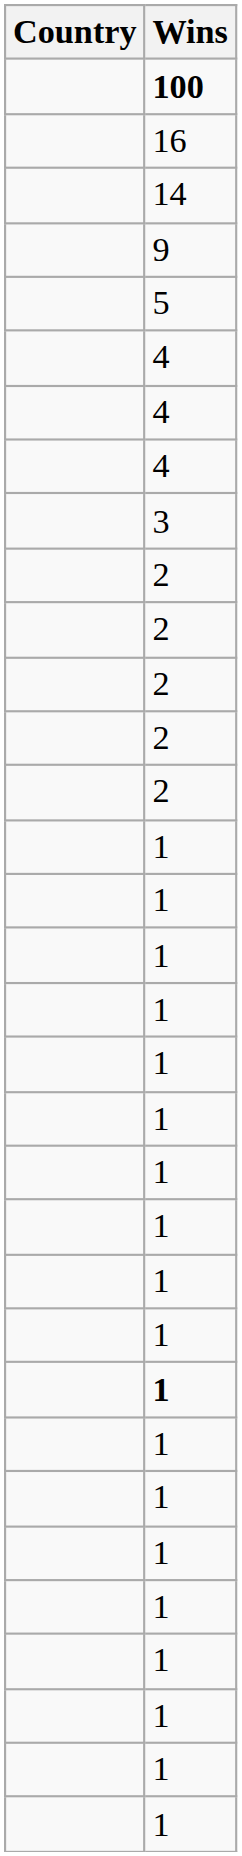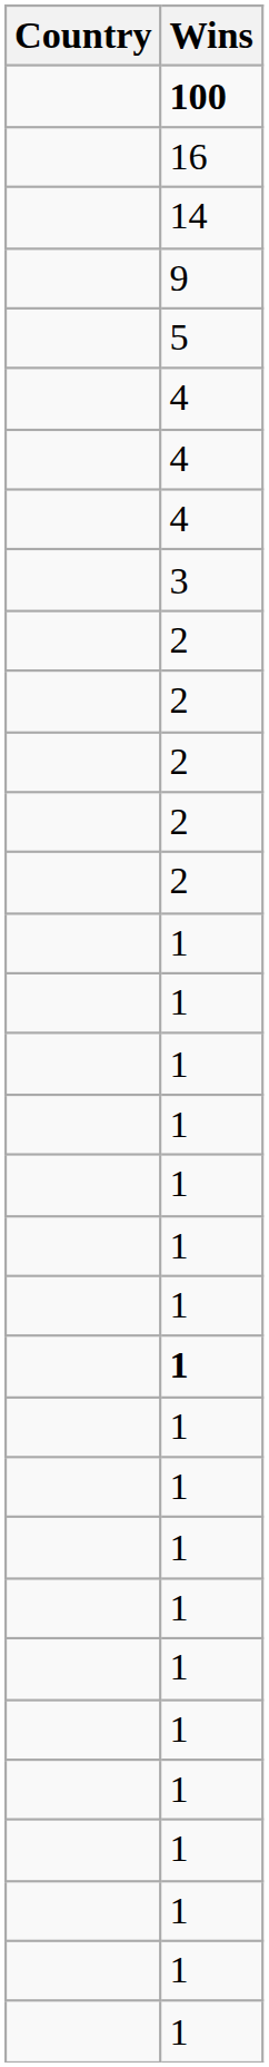 <table class="wikitable sortable" style="border-collapse:collapse">
 <tr>
 <th>Country</th>
 <th data-sort-type=number>Wins</th>
 </tr>
 <tr>
 <td></td>
 <td><strong>100</strong></td>
 </tr>
 <tr>
 <td></td>
 <td>16</td>
 </tr>
 <tr>
 <td></td>
 <td>14</td>
 </tr>
 <tr>
 <td></td>
 <td>9</td>
 </tr>
 <tr>
 <td></td>
 <td>5</td>
 </tr>
 <tr>
 <td></td>
 <td>4</td>
 </tr>
 <tr>
 <td></td>
 <td>4</td>
 </tr>
 <tr>
 <td></td>
 <td>4</td>
 </tr>
 <tr>
 <td></td>
 <td>3</td>
 </tr>
 <tr>
 <td></td>
 <td>2</td>
 </tr>
 <tr>
 <td></td>
 <td>2</td>
 </tr>
 <tr>
 <td></td>
 <td>2</td>
 </tr>
 <tr>
 <td></td>
 <td>2</td>
 </tr>
 <tr>
 <td></td>
 <td>2</td>
 </tr>
 <tr>
 <td></td>
 <td>1</td>
 </tr>
 <tr>
 <td></td>
 <td>1</td>
 </tr>
 <tr>
 <td></td>
 <td>1</td>
 </tr>
 <tr>
 <td></td>
 <td>1</td>
 </tr>
 <tr>
 <td></td>
 <td>1</td>
 </tr>
 <tr>
 <td></td>
 <td>1</td>
 </tr>
 <tr>
 <td></td>
 <td>1</td>
 </tr>
 <tr>
 <td></td>
-<td>1</td>
-</tr>
-<tr>
-<td></td>
-<td>1</td>
-</tr>
-<tr>
-<td></td>
-<td>1</td>
-</tr>
-<tr>
-<td></td>
 <td><strong>1</strong></td>
 </tr>
 <tr>
 <td></td>
 <td>1</td>
 </tr>
 <tr>
 <td></td>
 <td>1</td>
 </tr>
 <tr>
 <td></td>
 <td>1</td>
 </tr>
 <tr>
 <td></td>
 <td>1</td>
 </tr>
 <tr>
 <td></td>
 <td>1</td>
 </tr>
 <tr>
 <td></td>
 <td>1</td>
 </tr>
 <tr>
 <td></td>
 <td>1</td>
 </tr>
 <tr>
 <td></td>
 <td>1</td>
 </tr>
+<tr>
+<td></td>
+<td>1</td>
+</tr>
+<tr>
+<td></td>
+<td>1</td>
+</tr>
+<tr>
+<td></td>
+<td>1</td>
+</tr>
 </table>
